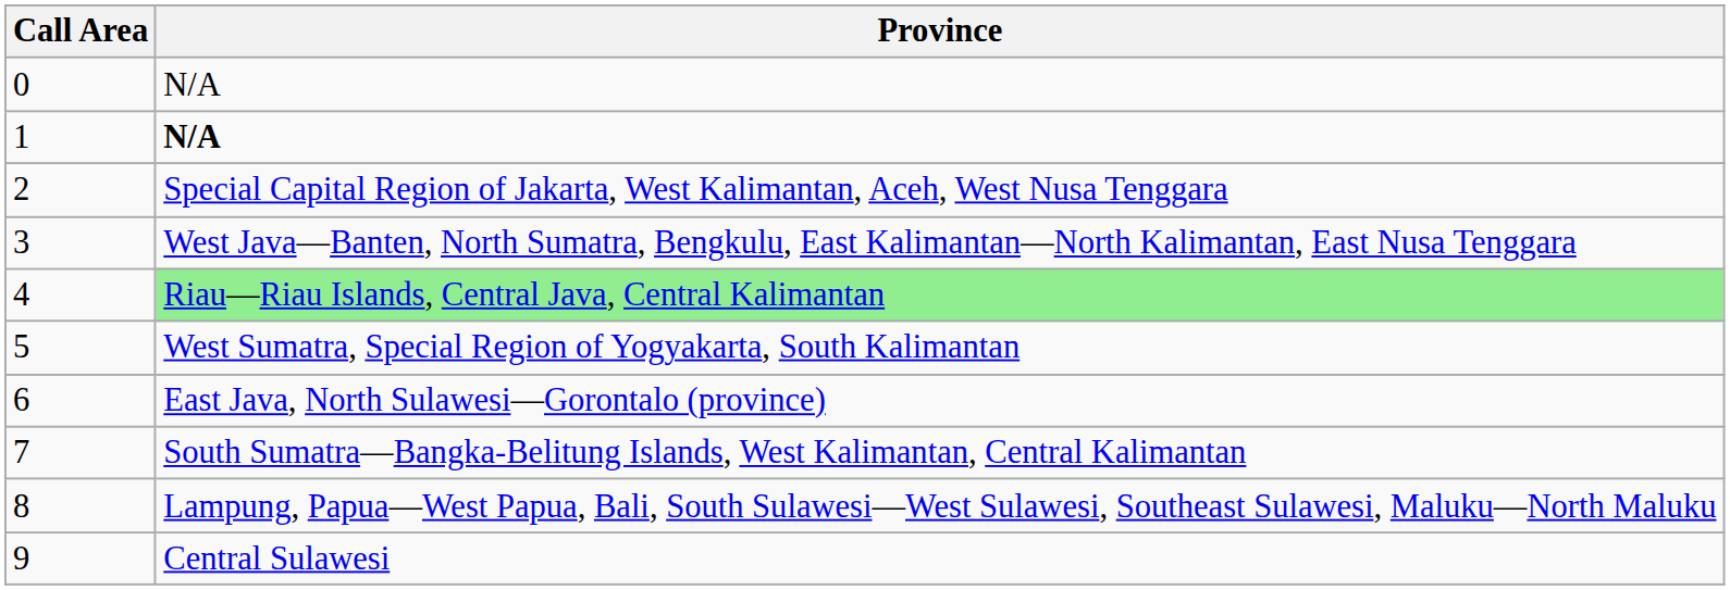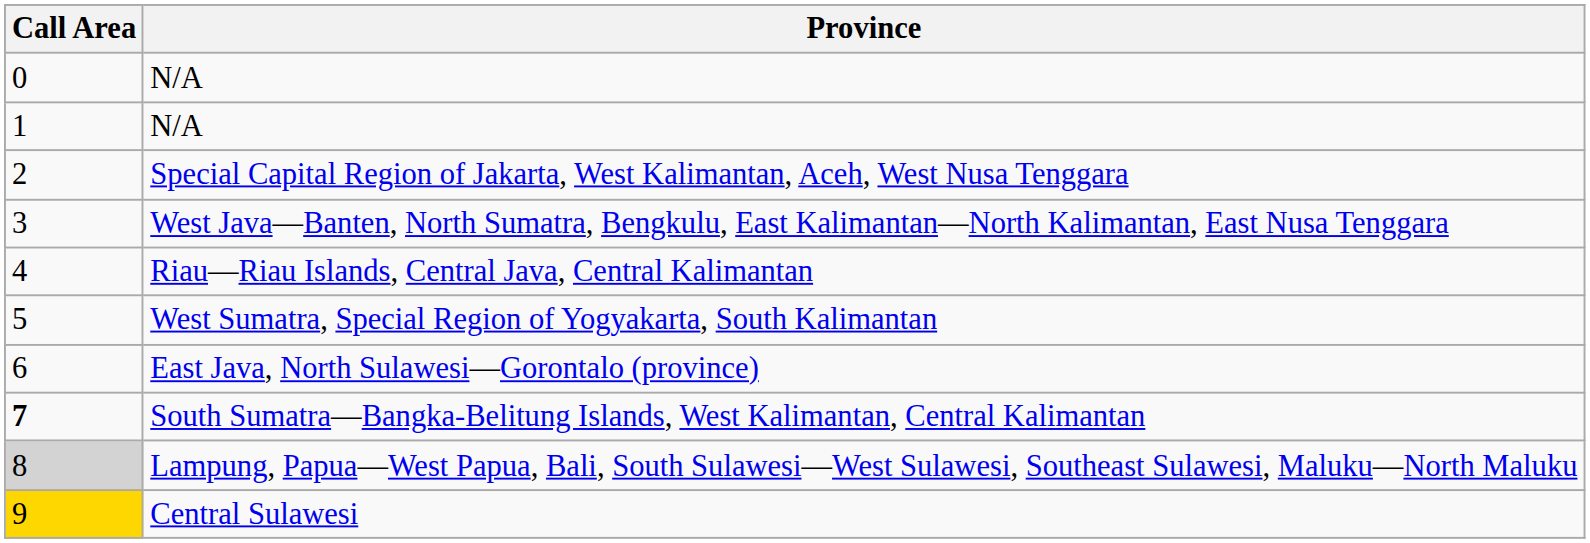 <table class="wikitable">
 <tr>
 <th>Call Area</th>
 <th>Province</th>
 </tr>
 <tr>
 <td>0</td>
 <td>N/A</td>
 </tr>
 <tr>
 <td>1</td>
-<td><strong>N/A</strong></td>
+<td>N/A</td>
 </tr>
 <tr>
 <td>2</td>
 <td><a href='#'>Special Capital Region of Jakarta</a>, <a href='#'>West Kalimantan</a>, <a href='#'>Aceh</a>, <a href='#'>West Nusa Tenggara</a></td>
 </tr>
 <tr>
 <td>3</td>
 <td><a href='#'>West Java</a>—<a href='#'>Banten</a>, <a href='#'>North Sumatra</a>, <a href='#'>Bengkulu</a>, <a href='#'>East Kalimantan</a>—<a href='#'>North Kalimantan</a>, <a href='#'>East Nusa Tenggara</a></td>
 </tr>
 <tr>
 <td>4</td>
-<td style="background: lightgreen;"><a href='#'>Riau</a>—<a href='#'>Riau Islands</a>, <a href='#'>Central Java</a>, <a href='#'>Central Kalimantan</a></td>
+<td><a href='#'>Riau</a>—<a href='#'>Riau Islands</a>, <a href='#'>Central Java</a>, <a href='#'>Central Kalimantan</a></td>
 </tr>
 <tr>
 <td>5</td>
 <td><a href='#'>West Sumatra</a>, <a href='#'>Special Region of Yogyakarta</a>, <a href='#'>South Kalimantan</a></td>
 </tr>
 <tr>
 <td>6</td>
 <td><a href='#'>East Java</a>, <a href='#'>North Sulawesi</a>—<a href='#'>Gorontalo (province)</a></td>
 </tr>
 <tr>
-<td>7</td>
+<td><strong>7</strong></td>
 <td><a href='#'>South Sumatra</a>—<a href='#'>Bangka-Belitung Islands</a>, <a href='#'>West Kalimantan</a>, <a href='#'>Central Kalimantan</a></td>
 </tr>
 <tr>
-<td>8</td>
+<td style="background: lightgrey;">8</td>
 <td><a href='#'>Lampung</a>, <a href='#'>Papua</a>—<a href='#'>West Papua</a>, <a href='#'>Bali</a>, <a href='#'>South Sulawesi</a>—<a href='#'>West Sulawesi</a>, <a href='#'>Southeast Sulawesi</a>, <a href='#'>Maluku</a>—<a href='#'>North Maluku</a></td>
 </tr>
 <tr>
-<td>9</td>
+<td style="background: gold;">9</td>
 <td><a href='#'>Central Sulawesi</a></td>
 </tr>
 </table>
